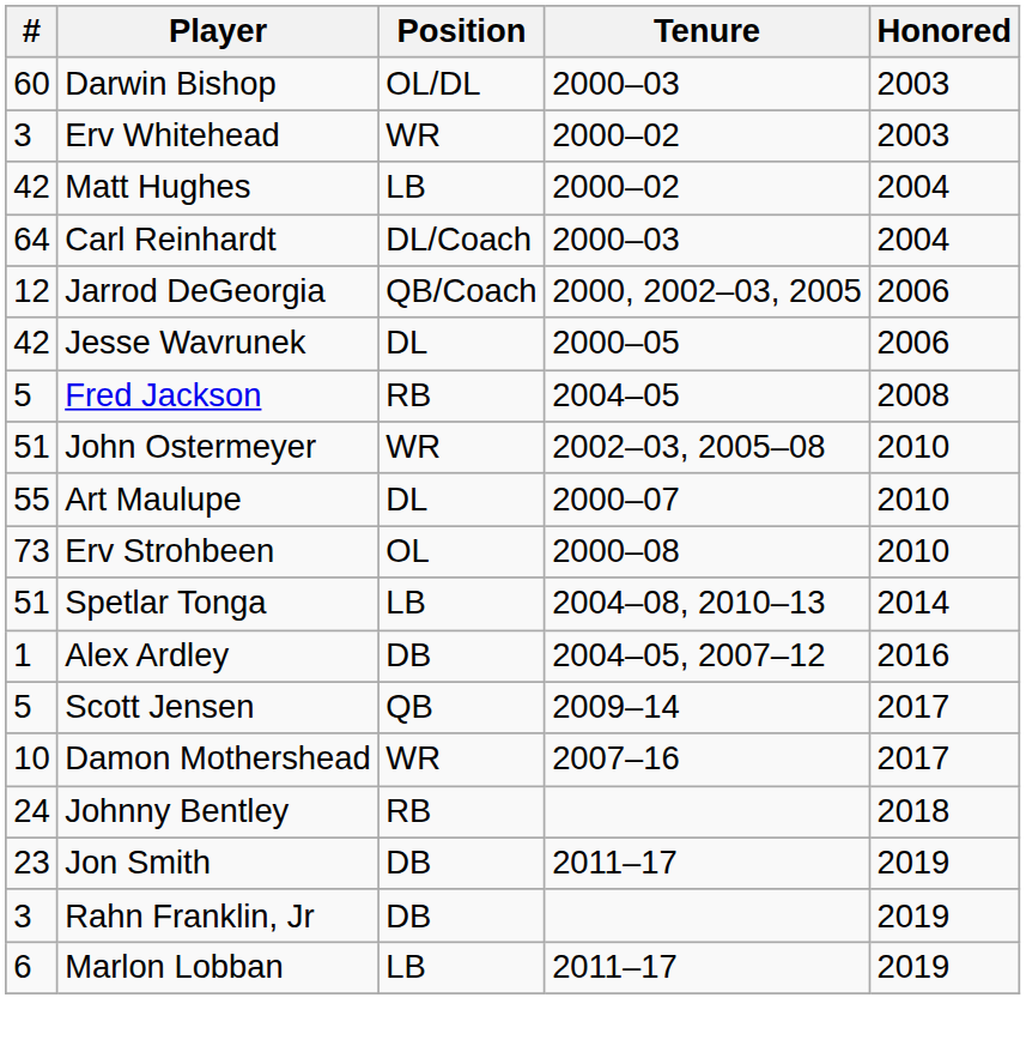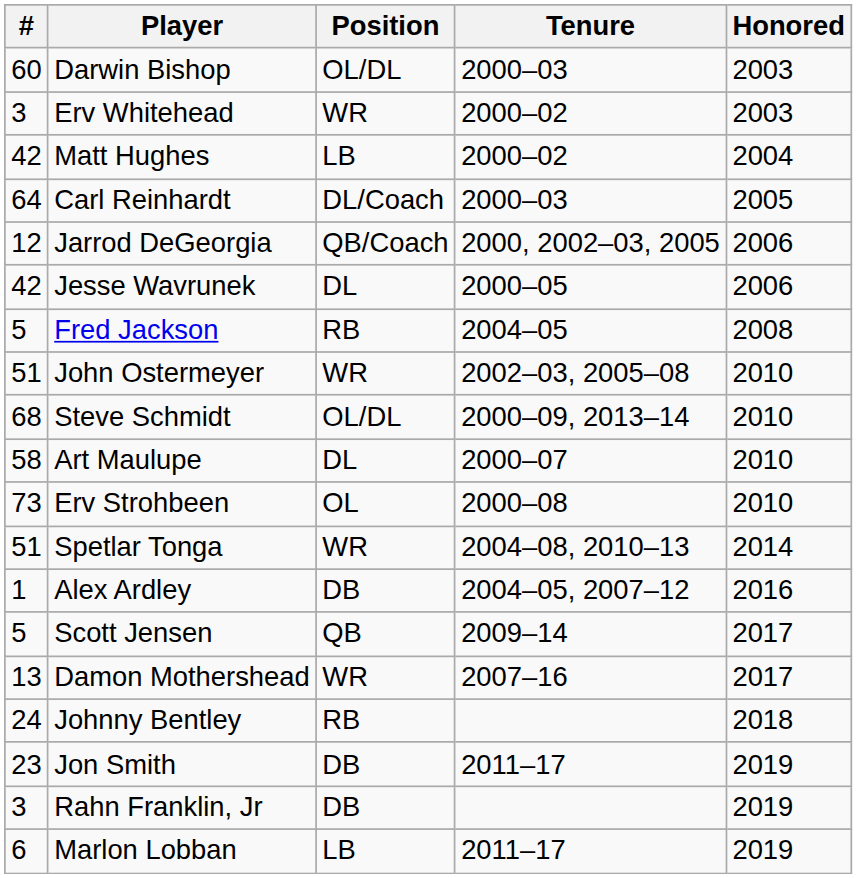 <table class="wikitable">
 <tr>
 <th>#</th>
 <th>Player</th>
 <th>Position</th>
 <th>Tenure</th>
 <th>Honored</th>
 </tr>
 <tr>
 <td>60</td>
 <td>Darwin Bishop</td>
 <td>OL/DL</td>
 <td>2000–03</td>
 <td>2003</td>
 </tr>
 <tr>
 <td>3</td>
 <td>Erv Whitehead</td>
 <td>WR</td>
 <td>2000–02</td>
 <td>2003</td>
 </tr>
 <tr>
 <td>42</td>
 <td>Matt Hughes</td>
 <td>LB</td>
 <td>2000–02</td>
 <td>2004</td>
 </tr>
 <tr>
 <td>64</td>
 <td>Carl Reinhardt</td>
 <td>DL/Coach</td>
 <td>2000–03</td>
-<td>2004</td>
+<td>2005</td>
 </tr>
 <tr>
 <td>12</td>
 <td>Jarrod DeGeorgia</td>
 <td>QB/Coach</td>
 <td>2000, 2002–03, 2005</td>
 <td>2006</td>
 </tr>
 <tr>
 <td>42</td>
 <td>Jesse Wavrunek</td>
 <td>DL</td>
 <td>2000–05</td>
 <td>2006</td>
 </tr>
 <tr>
 <td>5</td>
 <td><a href='#'>Fred Jackson</a></td>
 <td>RB</td>
 <td>2004–05</td>
 <td>2008</td>
 </tr>
 <tr>
 <td>51</td>
 <td>John Ostermeyer</td>
 <td>WR</td>
 <td>2002–03, 2005–08</td>
 <td>2010</td>
 </tr>
 <tr>
-<td>55</td>
+<td>68</td>
+<td>Steve Schmidt</td>
+<td>OL/DL</td>
+<td>2000–09, 2013–14</td>
+<td>2010</td>
+</tr>
+<tr>
+<td>58</td>
 <td>Art Maulupe</td>
 <td>DL</td>
 <td>2000–07</td>
 <td>2010</td>
 </tr>
 <tr>
 <td>73</td>
 <td>Erv Strohbeen</td>
 <td>OL</td>
 <td>2000–08</td>
 <td>2010</td>
 </tr>
 <tr>
 <td>51</td>
 <td>Spetlar Tonga</td>
-<td>LB</td>
+<td>WR</td>
 <td>2004–08, 2010–13</td>
 <td>2014</td>
 </tr>
 <tr>
 <td>1</td>
 <td>Alex Ardley</td>
 <td>DB</td>
 <td>2004–05, 2007–12</td>
 <td>2016</td>
 </tr>
 <tr>
 <td>5</td>
 <td>Scott Jensen</td>
 <td>QB</td>
 <td>2009–14</td>
 <td>2017</td>
 </tr>
 <tr>
-<td>10</td>
+<td>13</td>
 <td>Damon Mothershead</td>
 <td>WR</td>
 <td>2007–16</td>
 <td>2017</td>
 </tr>
 <tr>
 <td>24</td>
 <td>Johnny Bentley</td>
 <td>RB</td>
 <td></td>
 <td>2018</td>
 </tr>
 <tr>
 <td>23</td>
 <td>Jon Smith</td>
 <td>DB</td>
 <td>2011–17</td>
 <td>2019</td>
 </tr>
 <tr>
 <td>3</td>
 <td>Rahn Franklin, Jr</td>
 <td>DB</td>
 <td></td>
 <td>2019</td>
 </tr>
 <tr>
 <td>6</td>
 <td>Marlon Lobban</td>
 <td>LB</td>
 <td>2011–17</td>
 <td>2019</td>
 </tr>
 </table>
